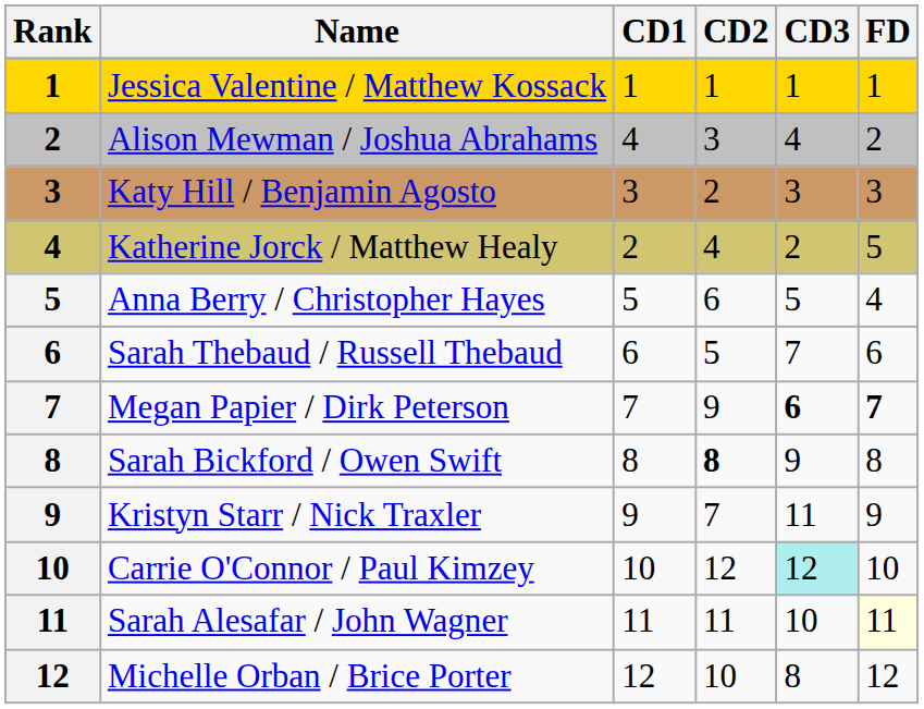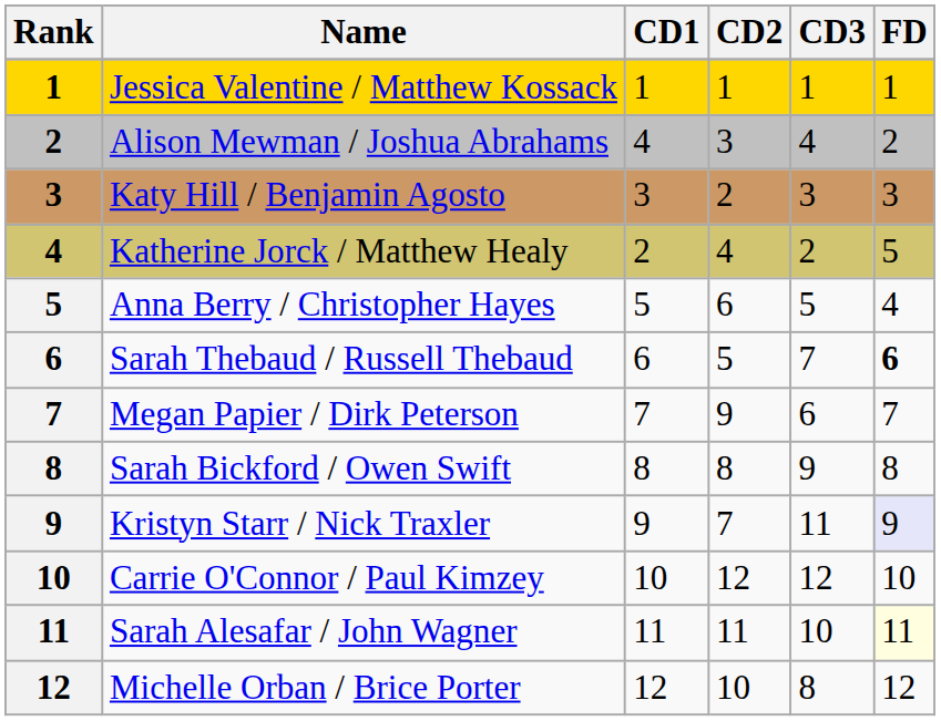 <table class="wikitable sortable">
 <tr>
 <th>Rank</th>
 <th>Name</th>
 <th>CD1</th>
 <th>CD2</th>
 <th>CD3</th>
 <th>FD</th>
 </tr>
 <tr>
 </tr>
 <tr bgcolor="gold">
 <td align="center"><strong>1</strong></td>
 <td><a href='#'>Jessica Valentine</a> / <a href='#'>Matthew Kossack</a></td>
 <td>1</td>
 <td>1</td>
 <td>1</td>
 <td>1</td>
 </tr>
 <tr bgcolor="silver">
 <td align="center"><strong>2</strong></td>
 <td><a href='#'>Alison Mewman</a> / <a href='#'>Joshua Abrahams</a></td>
 <td>4</td>
 <td>3</td>
 <td>4</td>
 <td>2</td>
 </tr>
 <tr bgcolor="cc9966">
 <td align="center"><strong>3</strong></td>
 <td><a href='#'>Katy Hill</a> / <a href='#'>Benjamin Agosto</a></td>
 <td>3</td>
 <td>2</td>
 <td>3</td>
 <td>3</td>
 </tr>
 <tr bgcolor="#d1c571">
 <td align="center"><strong>4</strong></td>
 <td><a href='#'>Katherine Jorck</a> / Matthew Healy</td>
 <td>2</td>
 <td>4</td>
 <td>2</td>
 <td>5</td>
 </tr>
 <tr>
 <th>5</th>
 <td><a href='#'>Anna Berry</a> / <a href='#'>Christopher Hayes</a></td>
 <td>5</td>
 <td>6</td>
 <td>5</td>
 <td>4</td>
 </tr>
 <tr>
 <th>6</th>
 <td><a href='#'>Sarah Thebaud</a> / <a href='#'>Russell Thebaud</a></td>
 <td>6</td>
 <td>5</td>
 <td>7</td>
-<td>6</td>
+<td><strong>6</strong></td>
 </tr>
 <tr>
 <th>7</th>
 <td><a href='#'>Megan Papier</a> / <a href='#'>Dirk Peterson</a></td>
 <td>7</td>
 <td>9</td>
-<td><strong>6</strong></td>
-<td><strong>7</strong></td>
+<td>6</td>
+<td>7</td>
 </tr>
 <tr>
 <th>8</th>
 <td><a href='#'>Sarah Bickford</a> / <a href='#'>Owen Swift</a></td>
 <td>8</td>
-<td><strong>8</strong></td>
+<td>8</td>
 <td>9</td>
 <td>8</td>
 </tr>
 <tr>
 <th>9</th>
 <td><a href='#'>Kristyn Starr</a> / <a href='#'>Nick Traxler</a></td>
 <td>9</td>
 <td>7</td>
 <td>11</td>
-<td>9</td>
+<td style="background: lavender;">9</td>
 </tr>
 <tr>
 <th>10</th>
 <td><a href='#'>Carrie O'Connor</a> / <a href='#'>Paul Kimzey</a></td>
 <td>10</td>
 <td>12</td>
-<td style="background: paleturquoise;">12</td>
+<td>12</td>
 <td>10</td>
 </tr>
 <tr>
 <th>11</th>
 <td><a href='#'>Sarah Alesafar</a> / <a href='#'>John Wagner</a></td>
 <td>11</td>
 <td>11</td>
 <td>10</td>
 <td style="background: lightyellow;">11</td>
 </tr>
 <tr>
 <th>12</th>
 <td><a href='#'>Michelle Orban</a> / <a href='#'>Brice Porter</a></td>
 <td>12</td>
 <td>10</td>
 <td>8</td>
 <td>12</td>
 </tr>
 </table>
